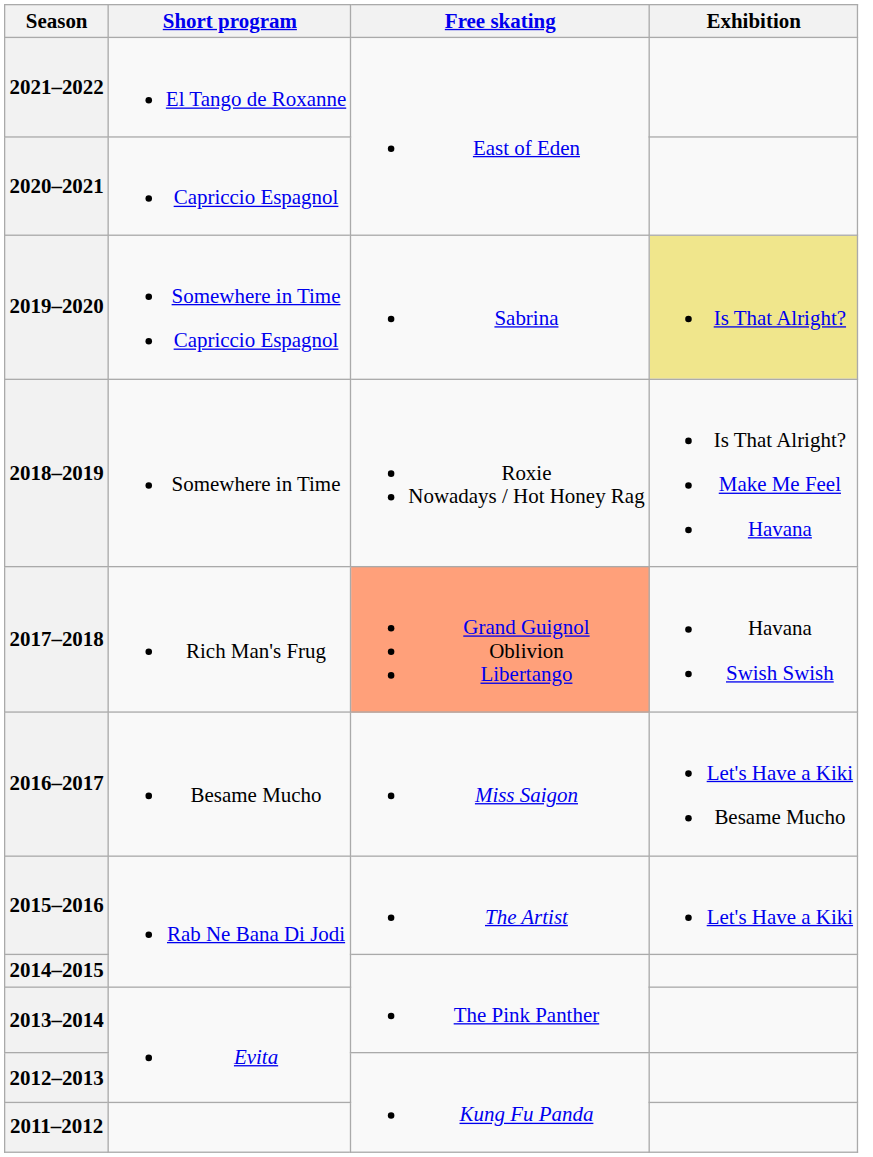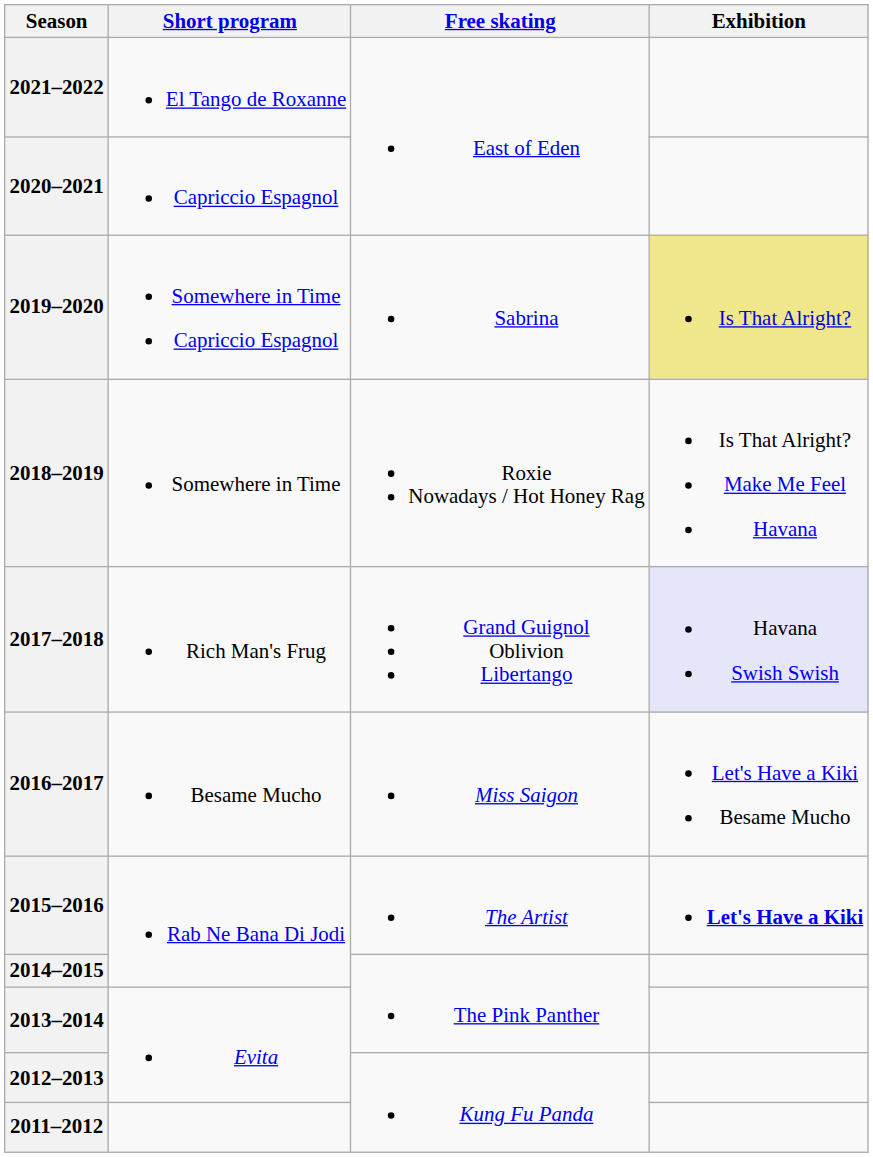 <table class="wikitable" style="text-align:center">
 <tr>
 <th>Season</th>
 <th><a href='#'>Short program</a></th>
 <th><a href='#'>Free skating</a></th>
 <th>Exhibition</th>
 </tr>
 <tr>
 <th>2021–2022 <br></th>
 <td><br><ul><li><a href='#'>El Tango de Roxanne</a> </li></ul></td>
 <td rowspan=2><br><ul><li><a href='#'>East of Eden</a> <br> </li></ul></td>
 <td></td>
 </tr>
 <tr>
 <th>2020–2021 <br></th>
 <td><br><ul><li><a href='#'>Capriccio Espagnol</a> <br> </li></ul></td>
 <td></td>
 </tr>
 <tr>
 <th>2019–2020 <br></th>
 <td><br><ul><li><a href='#'>Somewhere in Time</a> <br> </li></ul><ul><li><a href='#'>Capriccio Espagnol</a> <br> </li></ul></td>
 <td><br><ul><li><a href='#'>Sabrina</a> <br> </li></ul></td>
 <td style="background: khaki;"><br><ul><li><a href='#'>Is That Alright?</a> <br></li></ul></td>
 </tr>
 <tr>
 <th>2018–2019 <br></th>
 <td><br><ul><li>Somewhere in Time <br> </li></ul></td>
 <td><br><ul><li>Roxie <br> </li><li>Nowadays / Hot Honey Rag <br> </li></ul></td>
 <td><br><ul><li>Is That Alright?  <br></li></ul><ul><li><a href='#'>Make Me Feel</a> <br></li></ul><ul><li><a href='#'>Havana</a> <br> </li></ul></td>
 </tr>
 <tr>
 <th>2017–2018 <br></th>
 <td><br><ul><li>Rich Man's Frug <br> </li></ul></td>
-<td style="background: lightsalmon;"><br><ul><li><a href='#'>Grand Guignol</a> <br> </li><li>Oblivion</li><li><a href='#'>Libertango</a> <br> </li></ul></td>
-<td><br><ul><li>Havana <br> </li></ul><ul><li><a href='#'>Swish Swish</a> <br> </li></ul></td>
+<td><br><ul><li><a href='#'>Grand Guignol</a> <br> </li><li>Oblivion</li><li><a href='#'>Libertango</a> <br> </li></ul></td>
+<td style="background: lavender;"><br><ul><li>Havana <br> </li></ul><ul><li><a href='#'>Swish Swish</a> <br> </li></ul></td>
 </tr>
 <tr>
 <th>2016–2017 <br></th>
 <td><br><ul><li>Besame Mucho <br></li></ul></td>
 <td><br><ul><li><em><a href='#'>Miss Saigon</a></em> <br></li></ul></td>
 <td><br><ul><li><a href='#'>Let's Have a Kiki</a> <br></li></ul><ul><li>Besame Mucho <br></li></ul></td>
 </tr>
 <tr>
 <th>2015–2016</th>
 <td rowspan=2><br><ul><li><a href='#'>Rab Ne Bana Di Jodi</a> <br></li></ul></td>
 <td><br><ul><li><em><a href='#'>The Artist</a></em> <br></li></ul></td>
-<td><br><ul><li><a href='#'>Let's Have a Kiki</a> <br></li></ul></td>
+<td><strong><br><ul><li><a href='#'>Let's Have a Kiki</a> <br></li></ul></strong></td>
 </tr>
 <tr>
 <th>2014–2015</th>
 <td rowspan=2><br><ul><li><a href='#'>The Pink Panther</a> <br></li></ul></td>
 <td></td>
 </tr>
 <tr>
 <th>2013–2014</th>
 <td rowspan=2><br><ul><li><em><a href='#'>Evita</a></em> <br></li></ul></td>
 <td></td>
 </tr>
 <tr>
 <th>2012–2013</th>
 <td rowspan=2><br><ul><li><em><a href='#'>Kung Fu Panda</a></em> <br></li></ul></td>
 <td></td>
 </tr>
 <tr>
 <th>2011–2012</th>
 <td></td>
 <td></td>
 </tr>
 </table>
